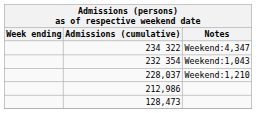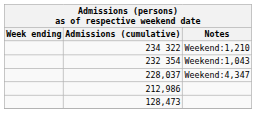 <table class="wikitable sortable">
 <tr>
 <th colspan="3">Admissions (persons)<br>as of respective weekend date</th>
 </tr>
 <tr>
 <th>Week ending</th>
 <th>Admissions (cumulative)</th>
 <th class="unsortable">Notes</th>
 </tr>
 <tr>
 <td></td>
 <td style="text-align:right;">234 322</td>
-<td style="text-align:center;">Weekend:4,347</td>
+<td style="text-align:center;">Weekend:1,210</td>
 </tr>
 <tr>
 <td></td>
 <td style="text-align:right;">232 354</td>
 <td style="text-align:center;">Weekend:1,043</td>
 </tr>
 <tr>
 <td></td>
 <td style="text-align:right;">228,037</td>
-<td style="text-align:center;">Weekend:1,210</td>
+<td style="text-align:center;">Weekend:4,347</td>
 </tr>
 <tr>
 <td></td>
 <td style="text-align:right;">212,986</td>
 <td></td>
 </tr>
 <tr>
 <td></td>
 <td style="text-align:right;">128,473</td>
 <td></td>
 </tr>
 <tr>
 </tr>
 </table>
